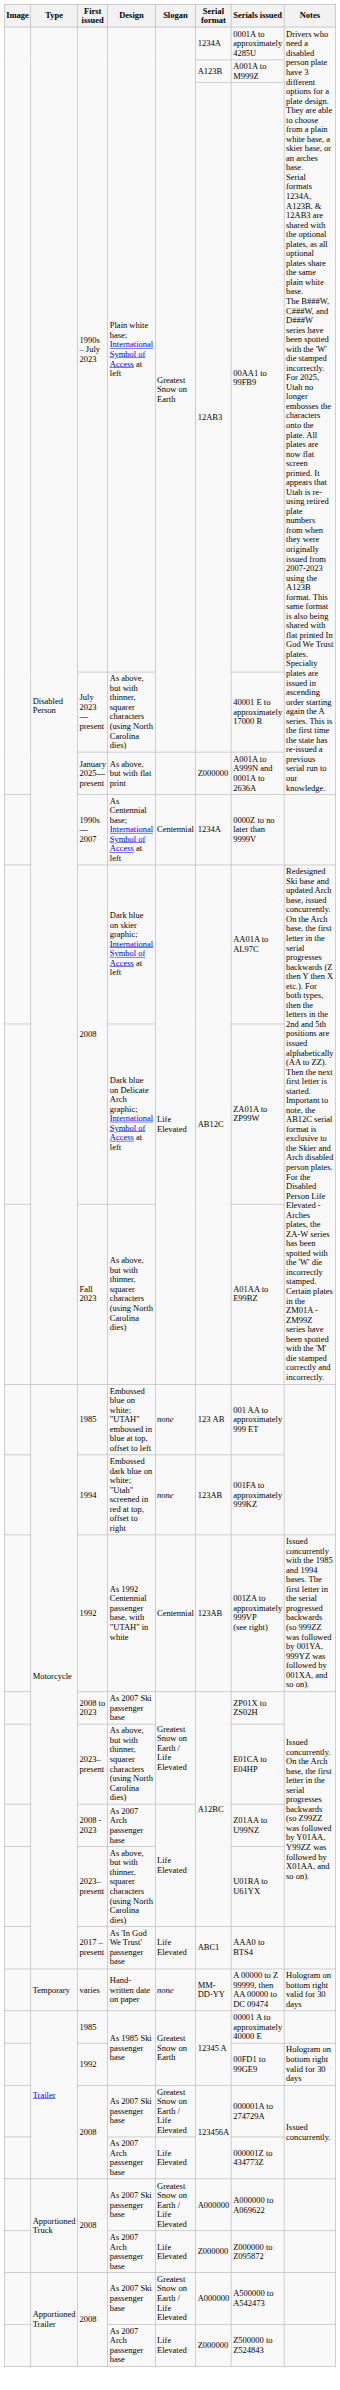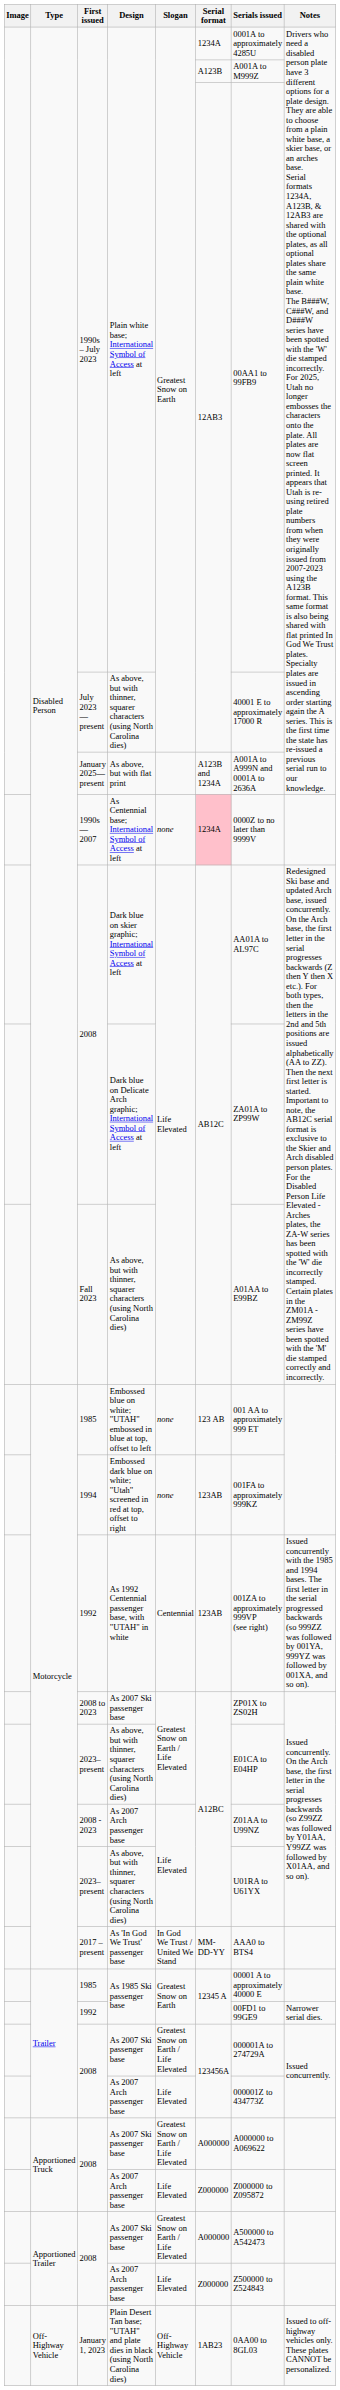 <table class="wikitable">
 <tr>
 <th>Image</th>
 <th>Type</th>
 <th>First issued</th>
 <th>Design</th>
 <th>Slogan</th>
 <th>Serial format</th>
 <th style="width:100px;">Serials issued</th>
 <th>Notes</th>
 </tr>
 <tr>
 <td rowspan="5"></td>
 <td rowspan="9">Disabled Person</td>
 <td rowspan="3">1990s – July 2023</td>
 <td rowspan="3">Plain white base; <a href='#'>International Symbol of Access</a> at left</td>
 <td rowspan="4">Greatest Snow on Earth</td>
 <td>1234A</td>
 <td>0001A to approximately 4285U</td>
 <td rowspan="5">Drivers who need a disabled person plate have 3 different options for a plate design. They are able to choose from a plain white base, a skier base, or an arches base.<br>Serial formats 1234A, A123B, & 12AB3 are shared with the optional plates, as all optional plates share the same plain white base.<br>The B###W, C###W, and D###W series have been spotted with the 'W' die stamped incorrectly.<br>For 2025, Utah no longer embosses the characters onto the plate. All plates are now flat screen printed. It appears that Utah is re-using retired plate numbers from when they were originally issued from 2007-2023 using the A123B format. This same format is also being shared with flat printed In God We Trust plates. Specialty plates are issued in ascending order starting again the A series. This is the first time the state has re-issued a previous serial run to our knowledge.</td>
 </tr>
 <tr>
 <td>A123B</td>
 <td>A001A to M999Z</td>
 </tr>
 <tr>
 <td rowspan="2">12AB3</td>
 <td>00AA1 to 99FB9</td>
 </tr>
 <tr>
 <td>July 2023 — present</td>
 <td>As above, but with thinner, squarer characters (using North Carolina dies)</td>
 <td>40001 E to approximately 17000 R</td>
 </tr>
 <tr>
 <td>January 2025—present</td>
 <td>As above, but with flat print</td>
 <td></td>
-<td>Z000000</td>
+<td>A123B and 1234A</td>
 <td>A001A to A999N and 0001A to 2636A </td>
 </tr>
 <tr>
 <td></td>
 <td>1990s — 2007</td>
 <td>As Centennial base; <a href='#'>International Symbol of Access</a> at left</td>
-<td>Centennial</td>
-<td>1234A</td>
+<td><em>none</em></td>
+<td style="background: pink;">1234A</td>
 <td>0000Z to no later than 9999V</td>
 <td></td>
 </tr>
 <tr>
 <td></td>
 <td rowspan="2">2008</td>
 <td>Dark blue on skier graphic; <a href='#'>International Symbol of Access</a> at left</td>
 <td rowspan="3">Life Elevated</td>
 <td rowspan="3">AB12C</td>
 <td>AA01A to AL97C </td>
 <td rowspan="3">Redesigned Ski base and updated Arch base, issued concurrently. On the Arch base, the first letter in the serial progresses backwards (Z then Y then X etc.). For both types, then the letters in the 2nd and 5th positions are issued alphabetically (AA to ZZ). Then the next first letter is started.<br>Important to note, the AB12C serial format is exclusive to the Skier and Arch disabled person plates.<br>For the Disabled Person Life Elevated - Arches plates, the ZA-W series has been spotted with the 'W' die incorrectly stamped. Certain plates in the ZM01A - ZM99Z series have been spotted with the 'M' die stamped correctly and incorrectly.</td>
 </tr>
 <tr>
 <td></td>
 <td>Dark blue on Delicate Arch graphic; <a href='#'>International Symbol of Access</a> at left</td>
 <td>ZA01A to ZP99W</td>
 </tr>
 <tr>
 <td></td>
 <td>Fall 2023</td>
 <td>As above, but with thinner, squarer characters (using North Carolina dies)</td>
 <td>A01AA to E99BZ</td>
 </tr>
 <tr>
 <td></td>
 <td rowspan="8">Motorcycle</td>
 <td>1985</td>
 <td>Embossed blue on white; "UTAH" embossed in blue at top, offset to left</td>
 <td><em>none</em></td>
 <td>123 AB</td>
 <td>001 AA to approximately 999 ET</td>
 <td rowspan="2"></td>
 </tr>
 <tr>
 <td></td>
 <td>1994</td>
 <td>Embossed dark blue on white; "Utah" screened in red at top, offset to right</td>
 <td><em>none</em></td>
 <td>123AB</td>
 <td>001FA to approximately 999KZ</td>
 </tr>
 <tr>
 <td></td>
 <td>1992</td>
 <td>As 1992 Centennial passenger base, with "UTAH" in white</td>
 <td>Centennial</td>
 <td>123AB</td>
 <td>001ZA to approximately 999VP<br>(see right)</td>
 <td>Issued concurrently with the 1985 and 1994 bases. The first letter in the serial progressed backwards (so 999ZZ was followed by 001YA, 999YZ was followed by 001XA, and so on).</td>
 </tr>
 <tr>
 <td></td>
 <td>2008 to 2023</td>
 <td>As 2007 Ski passenger base</td>
 <td rowspan="2">Greatest Snow on Earth / Life Elevated</td>
 <td rowspan="4">A12BC</td>
 <td>ZP01X to ZS02H </td>
 <td rowspan="4">Issued concurrently. On the Arch base, the first letter in the serial progresses backwards (so Z99ZZ was followed by Y01AA, Y99ZZ was followed by X01AA, and so on).</td>
 </tr>
 <tr>
 <td></td>
 <td>2023–present</td>
 <td>As above, but with thinner, squarer characters (using North Carolina dies)</td>
 <td>E01CA to E04HP </td>
 </tr>
 <tr>
 <td></td>
 <td>2008 - 2023</td>
 <td>As 2007 Arch passenger base</td>
 <td rowspan="2">Life Elevated</td>
 <td>Z01AA to U99NZ</td>
 </tr>
 <tr>
 <td></td>
 <td>2023–present</td>
 <td>As above, but with thinner, squarer characters (using North Carolina dies)</td>
 <td>U01RA to U61YX </td>
 </tr>
 <tr>
 <td></td>
 <td>2017 – present</td>
 <td>As 'In God We Trust' passenger base</td>
-<td>Life Elevated</td>
-<td>ABC1</td>
+<td>In God We Trust / United We Stand</td>
+<td>MM-DD-YY</td>
 <td>AAA0 to BTS4 </td>
 <td></td>
-</tr>
-<tr>
-<td></td>
-<td>Temporary</td>
-<td>varies</td>
-<td>Hand-written date on paper</td>
-<td><em>none</em></td>
-<td>MM-DD-YY</td>
-<td>A 00000 to Z 99999, then AA 00000 to DC 09474 </td>
-<td>Hologram on bottom right valid for 30 days</td>
 </tr>
 <tr>
 <td></td>
 <td rowspan="4"><a href='#'>Trailer</a></td>
 <td>1985</td>
 <td rowspan="2">As 1985 Ski passenger base</td>
 <td rowspan="2">Greatest Snow on Earth</td>
 <td rowspan="2">12345 A</td>
 <td>00001 A to approximately 40000 E</td>
 <td></td>
 </tr>
 <tr>
 <td></td>
 <td>1992</td>
 <td>00FD1 to 99GE9</td>
-<td>Hologram on bottom right valid for 30 days</td>
+<td>Narrower serial dies.</td>
 </tr>
 <tr>
 <td></td>
 <td rowspan="2">2008</td>
 <td>As 2007 Ski passenger base</td>
 <td>Greatest Snow on Earth / Life Elevated</td>
 <td rowspan=2>123456A</td>
 <td>000001A to 274729A </td>
 <td rowspan="2">Issued concurrently.</td>
 </tr>
 <tr>
 <td></td>
 <td>As 2007 Arch passenger base</td>
 <td>Life Elevated</td>
 <td>000001Z to 434773Z </td>
 </tr>
 <tr>
 <td></td>
 <td rowspan="2">Apportioned Truck</td>
 <td rowspan="2">2008</td>
 <td>As 2007 Ski passenger base</td>
 <td>Greatest Snow on Earth / Life Elevated</td>
 <td>A000000</td>
 <td>A000000 to A069622 </td>
 <td></td>
 </tr>
 <tr>
 <td></td>
 <td>As 2007 Arch passenger base</td>
 <td>Life Elevated</td>
 <td>Z000000</td>
 <td>Z000000 to Z095872 </td>
 </tr>
 <tr>
 <td></td>
 <td rowspan="2">Apportioned Trailer</td>
 <td rowspan="2">2008</td>
 <td>As 2007 Ski passenger base</td>
 <td>Greatest Snow on Earth / Life Elevated</td>
 <td>A000000</td>
 <td>A500000 to A542473 </td>
 <td></td>
 </tr>
 <tr>
 <td></td>
 <td>As 2007 Arch passenger base</td>
 <td>Life Elevated</td>
 <td>Z000000</td>
 <td>Z500000 to Z524843 </td>
 </tr>
+<tr>
+<td></td>
+<td>Off-Highway Vehicle</td>
+<td>January 1, 2023</td>
+<td>Plain Desert Tan base; "UTAH" and plate dies in black (using North Carolina dies)</td>
+<td>Off-Highway Vehicle</td>
+<td>1AB23</td>
+<td>0AA00 to 8GL03 </td>
+<td>Issued to off-highway vehicles only. These plates CANNOT be personalized.</td>
+</tr>
 </table>
